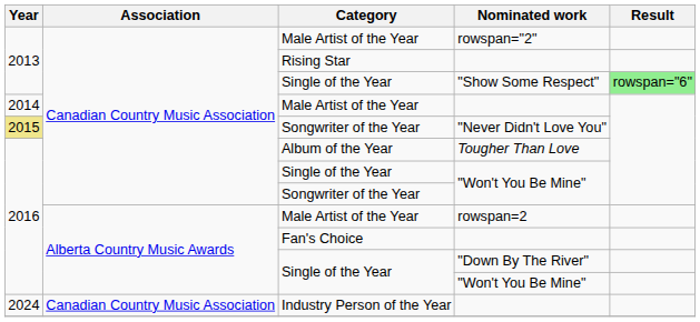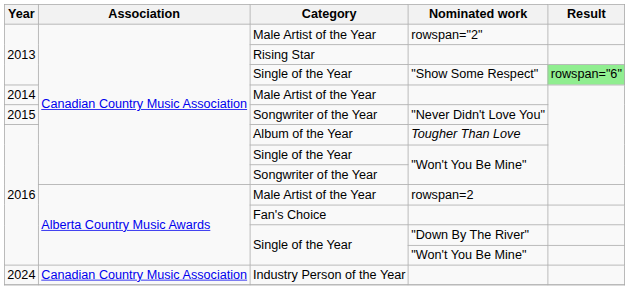 <table class="wikitable">
 <tr>
 <th>Year</th>
 <th>Association</th>
 <th>Category</th>
 <th>Nominated work</th>
 <th>Result</th>
 </tr>
 <tr>
 <td rowspan="3">2013</td>
 <td rowspan="8"><a href='#'>Canadian Country Music Association</a></td>
 <td>Male Artist of the Year</td>
 <td>rowspan="2" </td>
 <td></td>
 </tr>
 <tr>
 <td>Rising Star</td>
 <td></td>
 </tr>
 <tr>
 <td>Single of the Year</td>
 <td>"Show Some Respect"</td>
 <td style="background: lightgreen;">rowspan="6" </td>
 </tr>
 <tr>
 <td>2014</td>
 <td>Male Artist of the Year</td>
 <td></td>
 </tr>
 <tr>
-<td style="background: khaki;">2015</td>
+<td>2015</td>
 <td>Songwriter of the Year</td>
 <td>"Never Didn't Love You"</td>
 </tr>
 <tr>
 <td rowspan="7">2016</td>
 <td>Album of the Year</td>
 <td><em>Tougher Than Love</em></td>
 </tr>
 <tr>
 <td>Single of the Year</td>
 <td rowspan="2">"Won't You Be Mine"</td>
 </tr>
 <tr>
 <td>Songwriter of the Year</td>
 </tr>
 <tr>
 <td rowspan=4><a href='#'>Alberta Country Music Awards</a></td>
 <td>Male Artist of the Year</td>
 <td>rowspan=2 </td>
 <td></td>
 </tr>
 <tr>
 <td>Fan's Choice</td>
 <td></td>
 </tr>
 <tr>
 <td rowspan=2>Single of the Year</td>
 <td>"Down By The River"</td>
 <td></td>
 </tr>
 <tr>
 <td>"Won't You Be Mine"</td>
 <td></td>
 </tr>
 <tr>
 <td>2024</td>
 <td><a href='#'>Canadian Country Music Association</a></td>
 <td>Industry Person of the Year</td>
 <td></td>
 <td></td>
 </tr>
 <tr>
 </tr>
 </table>
